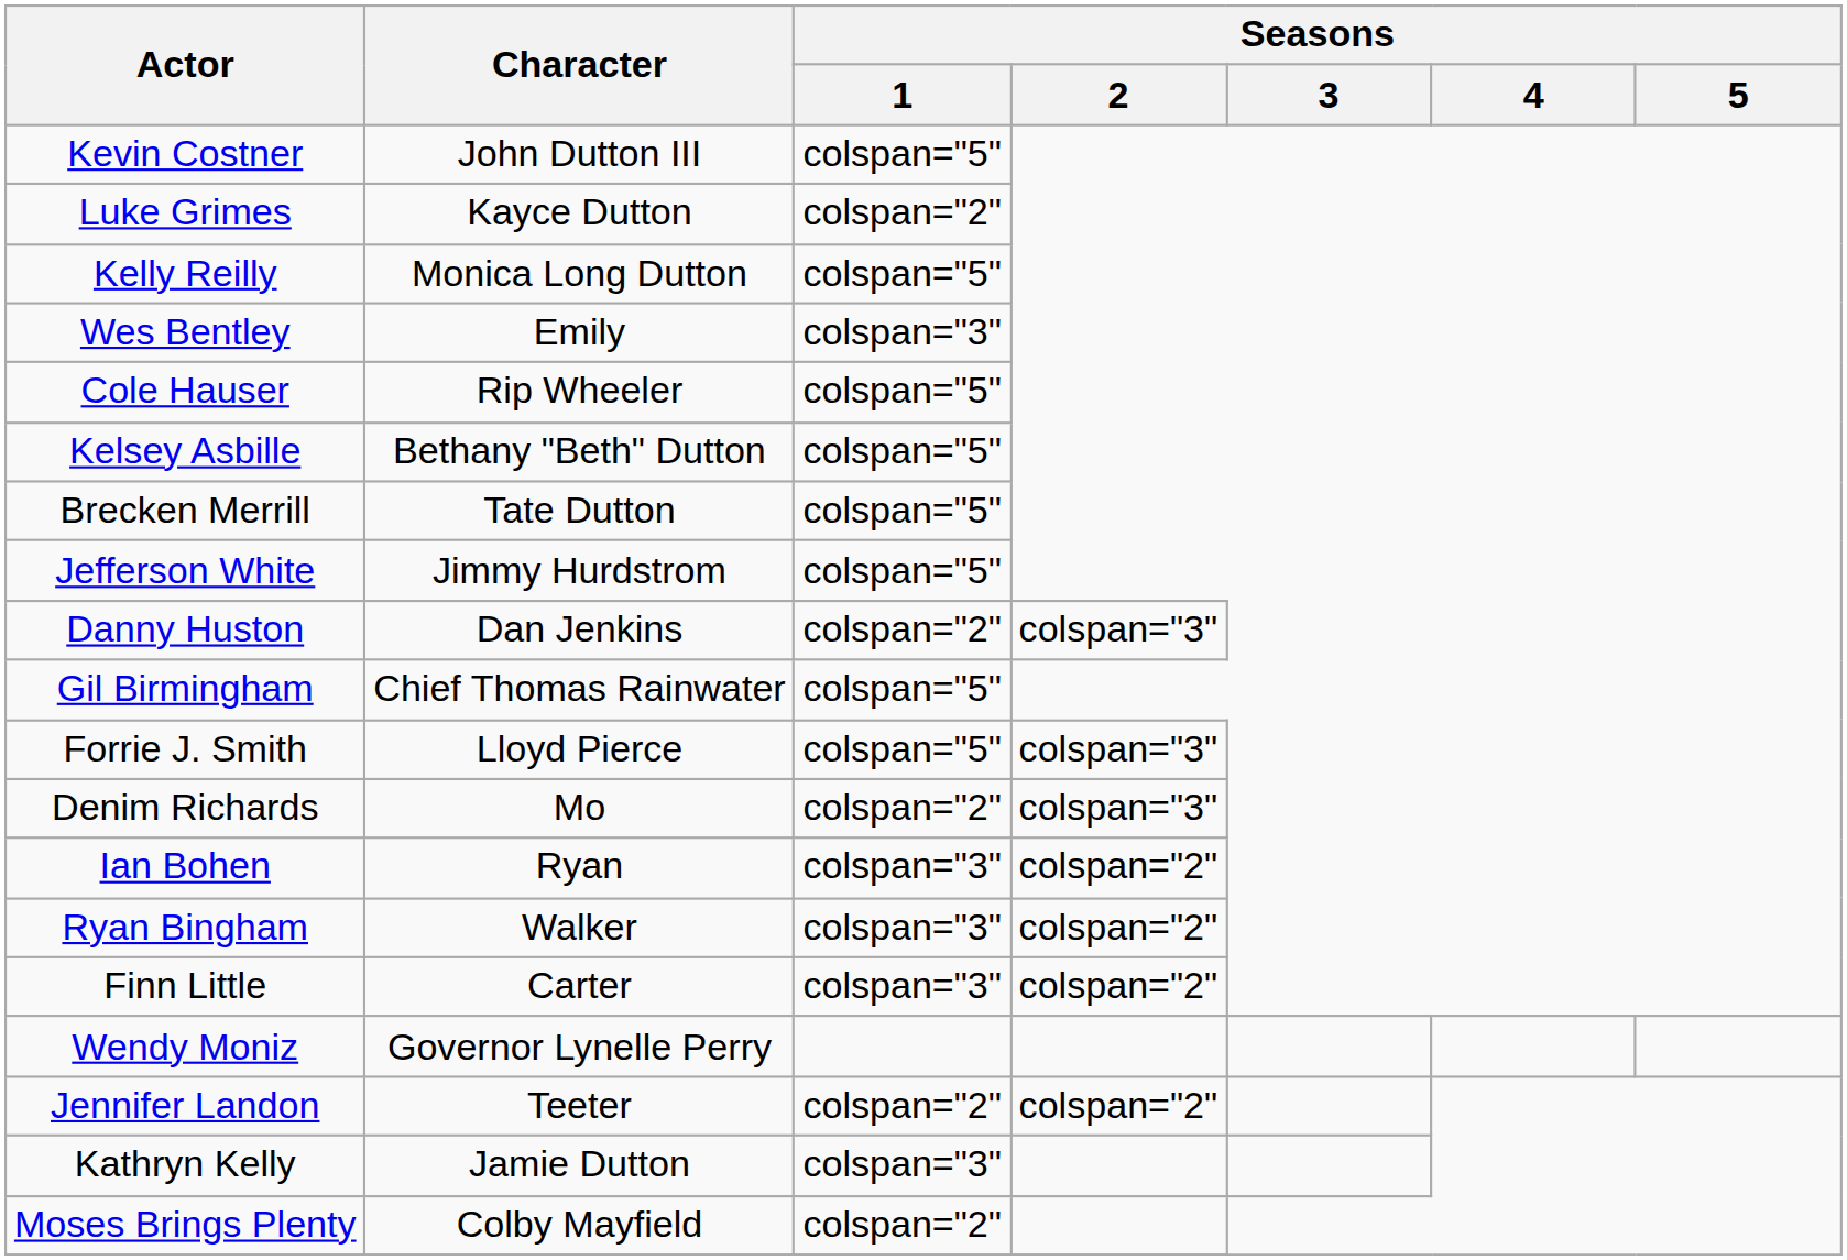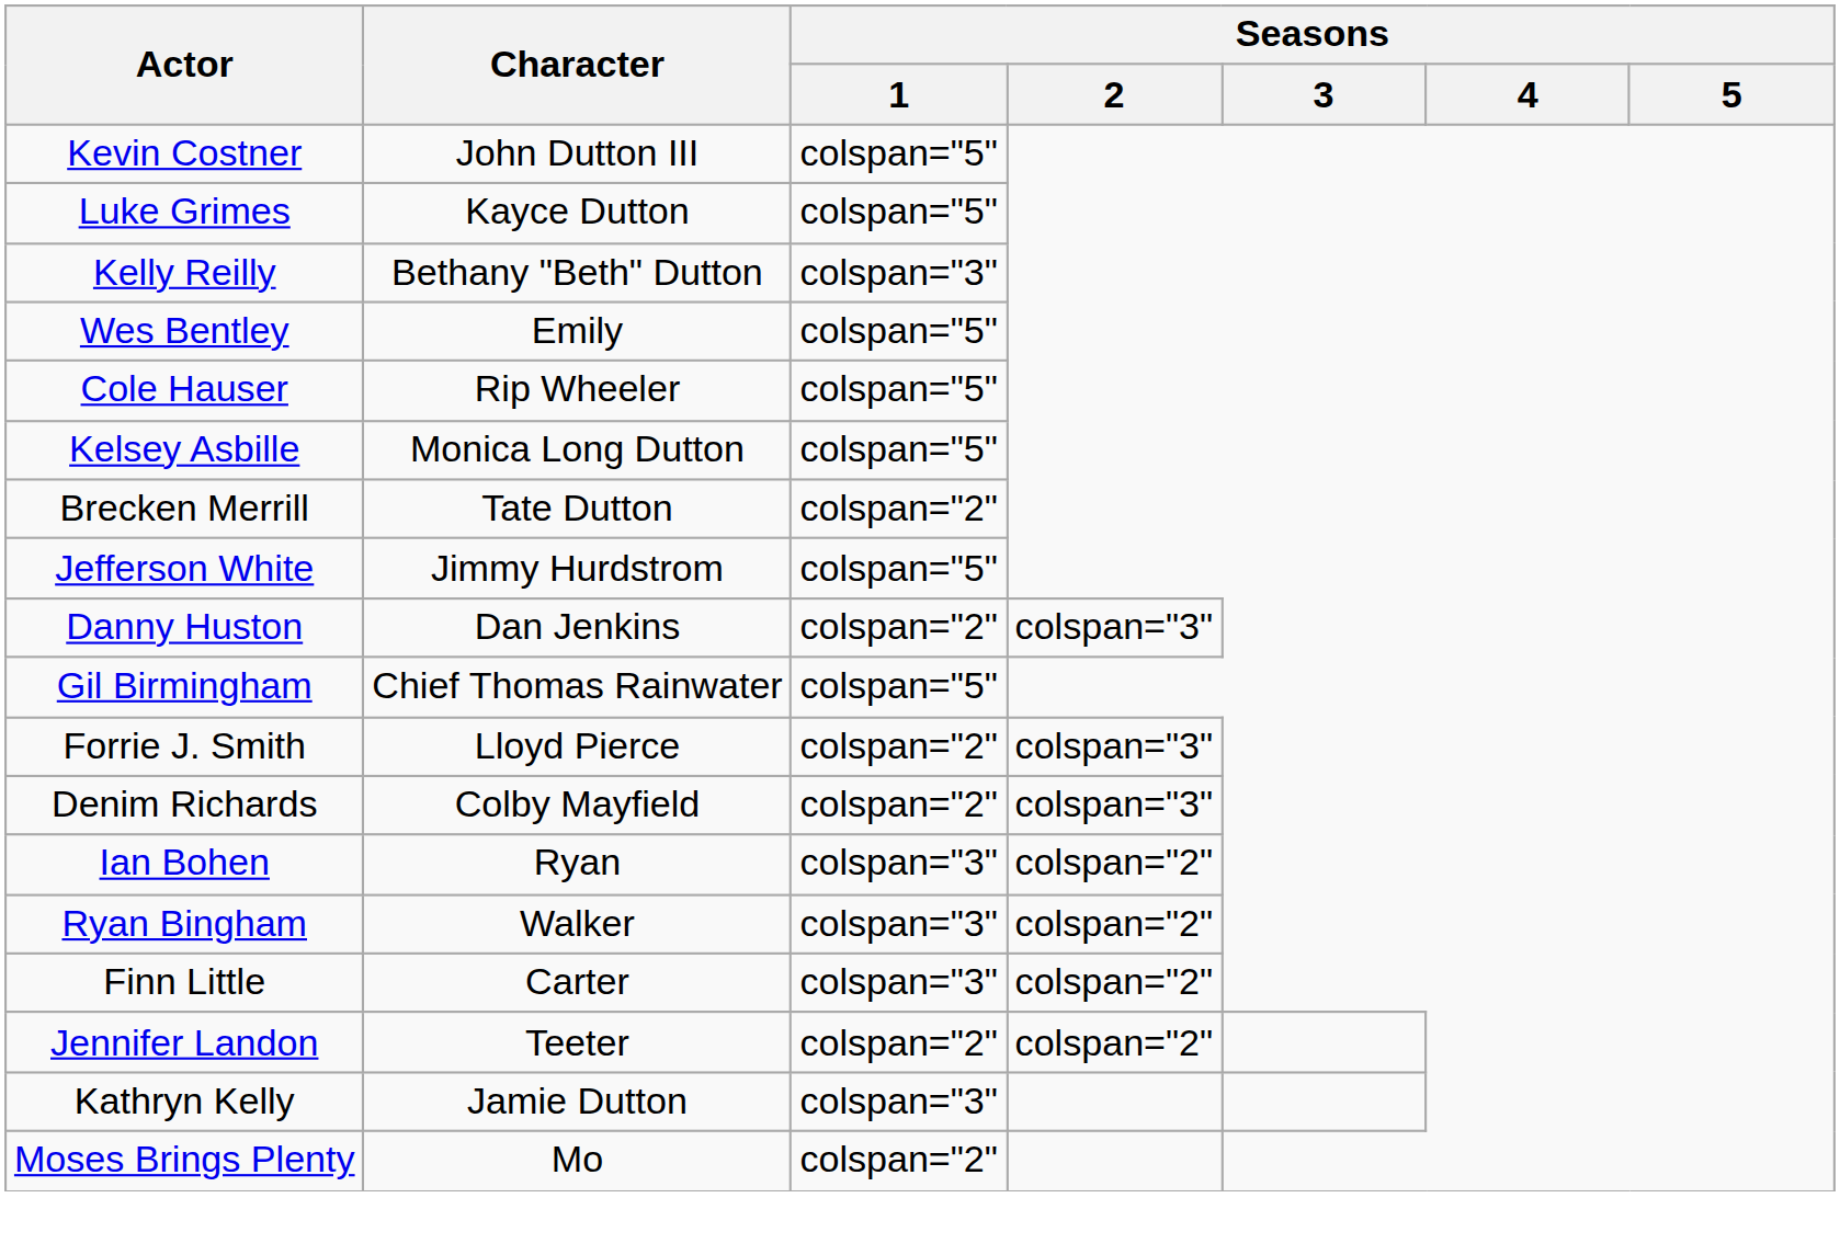 <table class="wikitable plainrowheaders" style="text-align:center">
 <tr>
 <th rowspan="2">Actor</th>
 <th rowspan="2">Character</th>
 <th colspan="5">Seasons</th>
 </tr>
 <tr>
 <th scope="col" style="width: 80px;">1</th>
 <th scope="col" style="width: 80px;">2</th>
 <th scope="col" style="width: 80px;">3</th>
 <th scope="col" style="width: 80px;">4</th>
 <th scope="col" style="width: 80px;">5</th>
 </tr>
 <tr>
 <td><a href='#'>Kevin Costner</a></td>
 <td>John Dutton III</td>
 <td>colspan="5" </td>
 </tr>
 <tr>
 <td><a href='#'>Luke Grimes</a></td>
 <td>Kayce Dutton</td>
-<td>colspan="2" </td>
+<td>colspan="5" </td>
 </tr>
 <tr>
 <td><a href='#'>Kelly Reilly</a></td>
-<td>Monica Long Dutton</td>
-<td>colspan="5" </td>
+<td>Bethany "Beth" Dutton</td>
+<td>colspan="3" </td>
 </tr>
 <tr>
 <td><a href='#'>Wes Bentley</a></td>
 <td>Emily</td>
-<td>colspan="3" </td>
+<td>colspan="5" </td>
 </tr>
 <tr>
 <td><a href='#'>Cole Hauser</a></td>
 <td>Rip Wheeler</td>
 <td>colspan="5" </td>
 </tr>
 <tr>
 <td><a href='#'>Kelsey Asbille</a></td>
-<td>Bethany "Beth" Dutton</td>
+<td>Monica Long Dutton</td>
 <td>colspan="5" </td>
 </tr>
 <tr>
 <td>Brecken Merrill</td>
 <td>Tate Dutton</td>
-<td>colspan="5" </td>
+<td>colspan="2" </td>
 </tr>
 <tr>
 <td><a href='#'>Jefferson White</a></td>
 <td>Jimmy Hurdstrom</td>
 <td>colspan="5" </td>
 </tr>
 <tr>
 <td><a href='#'>Danny Huston</a></td>
 <td>Dan Jenkins</td>
 <td>colspan="2" </td>
 <td>colspan="3" </td>
 </tr>
 <tr>
 <td><a href='#'>Gil Birmingham</a></td>
 <td>Chief Thomas Rainwater</td>
 <td>colspan="5" </td>
 </tr>
 <tr>
 <td>Forrie J. Smith</td>
 <td>Lloyd Pierce</td>
-<td>colspan="5" </td>
+<td>colspan="2" </td>
 <td>colspan="3" </td>
 </tr>
 <tr>
 <td>Denim Richards</td>
-<td>Mo</td>
+<td>Colby Mayfield</td>
 <td>colspan="2" </td>
 <td>colspan="3" </td>
 </tr>
 <tr>
 <td><a href='#'>Ian Bohen</a></td>
 <td>Ryan</td>
 <td>colspan="3" </td>
 <td>colspan="2" </td>
 </tr>
 <tr>
 <td><a href='#'>Ryan Bingham</a></td>
 <td>Walker</td>
 <td>colspan="3" </td>
 <td>colspan="2" </td>
 </tr>
 <tr>
 <td>Finn Little</td>
 <td>Carter</td>
 <td>colspan="3" </td>
 <td>colspan="2" </td>
 </tr>
 <tr>
-<td><a href='#'>Wendy Moniz</a></td>
-<td>Governor Lynelle Perry</td>
-<td></td>
-<td></td>
-<td></td>
-<td></td>
-<td></td>
-</tr>
-<tr>
 <td><a href='#'>Jennifer Landon</a></td>
 <td>Teeter</td>
 <td>colspan="2" </td>
 <td>colspan="2" </td>
 <td></td>
 </tr>
 <tr>
 <td>Kathryn Kelly</td>
 <td>Jamie Dutton</td>
 <td>colspan="3" </td>
 <td></td>
 <td></td>
 </tr>
 <tr>
 <td><a href='#'>Moses Brings Plenty</a></td>
-<td>Colby Mayfield</td>
+<td>Mo</td>
 <td>colspan="2" </td>
 <td></td>
 </tr>
 <tr>
 </tr>
 </table>
